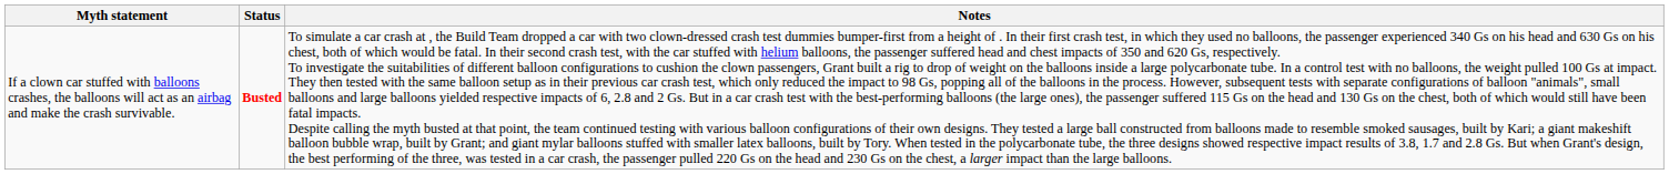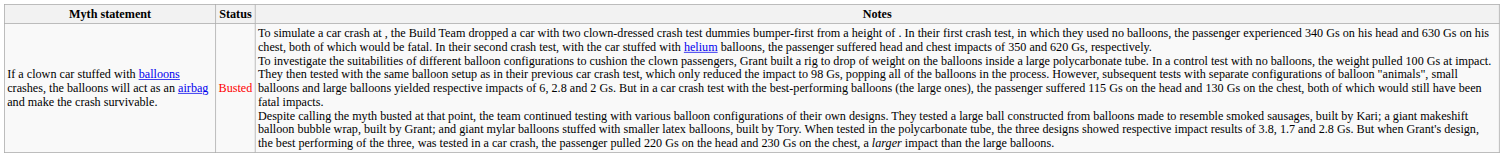 <table class="wikitable plainrowheaders">
 <tr>
 <th>Myth statement</th>
 <th>Status</th>
 <th>Notes</th>
 </tr>
 <tr>
 <td>If a clown car stuffed with <a href='#'>balloons</a> crashes, the balloons will act as an <a href='#'>airbag</a> and make the crash survivable.</td>
-<td style="color:red"><strong>Busted</strong></td>
+<td style="color:red">Busted</td>
 <td>To simulate a car crash at , the Build Team dropped a car with two clown-dressed crash test dummies bumper-first from a height of . In their first crash test, in which they used no balloons, the passenger experienced 340 Gs on his head and 630 Gs on his chest, both of which would be fatal. In their second crash test, with the car stuffed with <a href='#'>helium</a> balloons, the passenger suffered head and chest impacts of 350 and 620 Gs, respectively.<br>To investigate the suitabilities of different balloon configurations to cushion the clown passengers, Grant built a rig to drop  of weight on the balloons inside a large polycarbonate tube. In a control test with no balloons, the weight pulled 100 Gs at impact. They then tested with the same balloon setup as in their previous car crash test, which only reduced the impact to 98 Gs, popping all of the balloons in the process. However, subsequent tests with separate configurations of balloon "animals", small balloons and large balloons yielded respective impacts of 6, 2.8 and 2 Gs. But in a car crash test with the best-performing balloons (the large ones), the passenger suffered 115 Gs on the head and 130 Gs on the chest, both of which would still have been fatal impacts.<br>Despite calling the myth busted at that point, the team continued testing with various balloon configurations of their own designs. They tested a large ball constructed from balloons made to resemble smoked sausages, built by Kari; a giant makeshift balloon bubble wrap, built by Grant; and giant mylar balloons stuffed with smaller latex balloons, built by Tory. When tested in the polycarbonate tube, the three designs showed respective impact results of 3.8, 1.7 and 2.8 Gs. But when Grant's design, the best performing of the three, was tested in a car crash, the passenger pulled 220 Gs on the head and 230 Gs on the chest, a <em>larger</em> impact than the large balloons.</td>
 </tr>
 </table>
